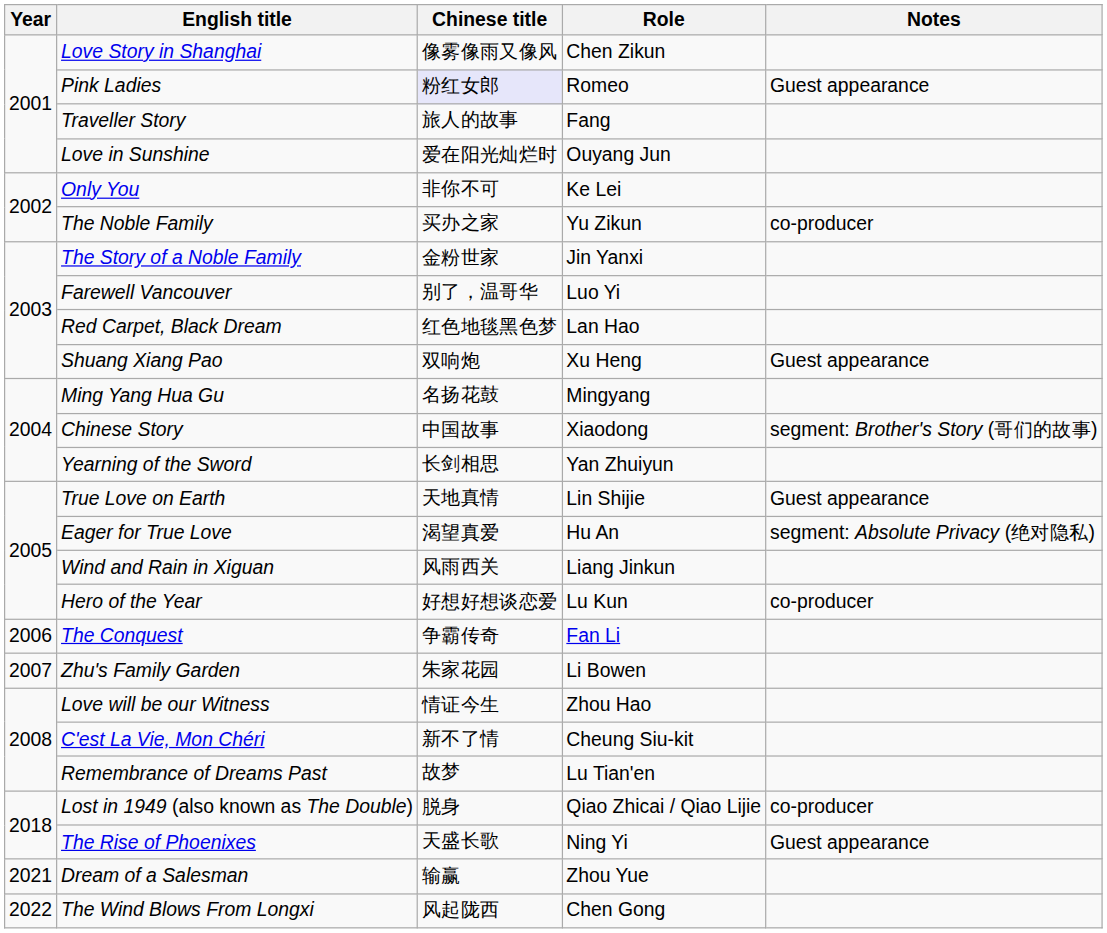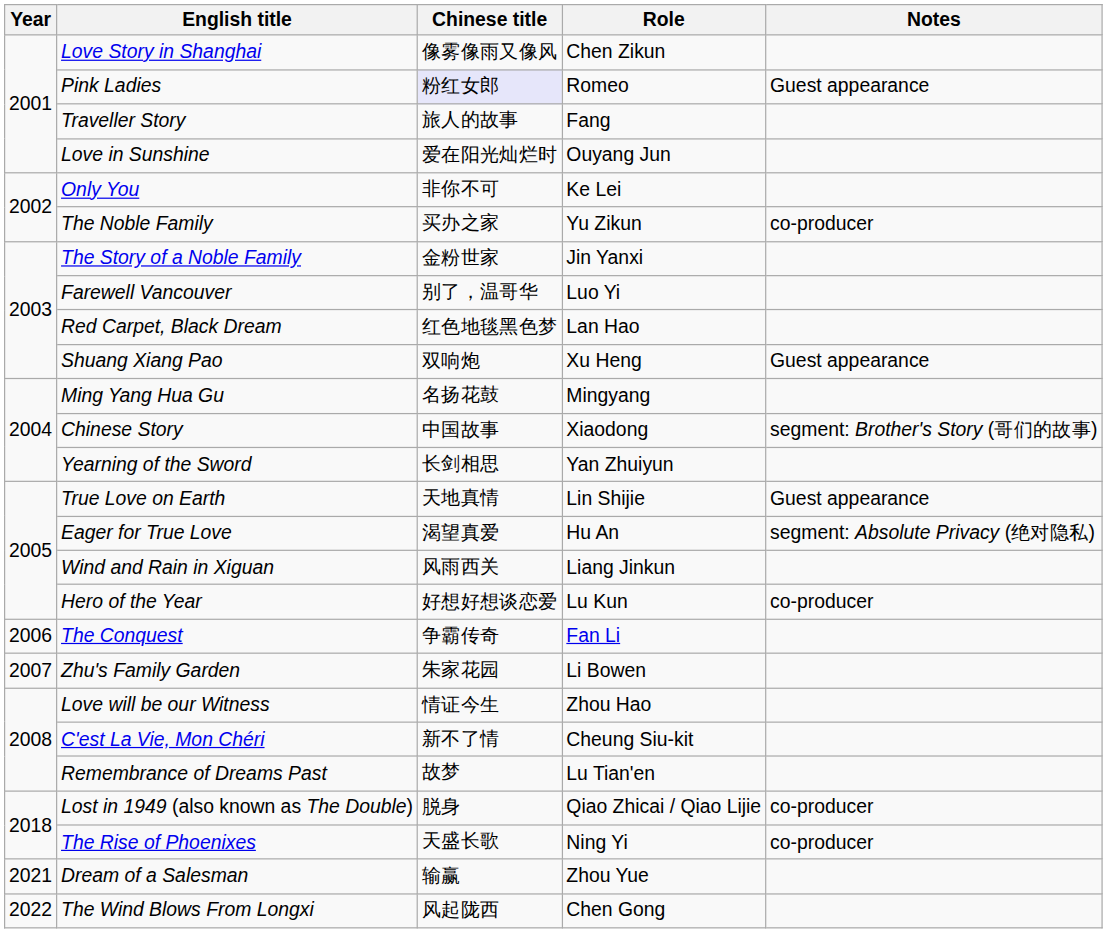 <table class="wikitable sortable">
 <tr>
 <th>Year</th>
 <th>English title</th>
 <th>Chinese title</th>
 <th>Role</th>
 <th>Notes</th>
 </tr>
 <tr>
 <td rowspan=4>2001</td>
 <td><em><a href='#'>Love Story in Shanghai</a></em></td>
 <td>像雾像雨又像风</td>
 <td>Chen Zikun</td>
 <td></td>
 </tr>
 <tr>
 <td><em>Pink Ladies</em></td>
 <td style="background: lavender;">粉红女郎</td>
 <td>Romeo</td>
 <td>Guest appearance</td>
 </tr>
 <tr>
 <td><em>Traveller Story</em></td>
 <td>旅人的故事</td>
 <td>Fang</td>
 <td></td>
 </tr>
 <tr>
 <td><em>Love in Sunshine</em></td>
 <td>爱在阳光灿烂时</td>
 <td>Ouyang Jun</td>
 <td></td>
 </tr>
 <tr>
 <td rowspan=2>2002</td>
 <td><em><a href='#'>Only You</a></em></td>
 <td>非你不可</td>
 <td>Ke Lei</td>
 <td></td>
 </tr>
 <tr>
 <td><em>The Noble Family</em></td>
 <td>买办之家</td>
 <td>Yu Zikun</td>
 <td>co-producer</td>
 </tr>
 <tr>
 <td rowspan=4>2003</td>
 <td><em><a href='#'>The Story of a Noble Family</a></em></td>
 <td>金粉世家</td>
 <td>Jin Yanxi</td>
 <td></td>
 </tr>
 <tr>
 <td><em>Farewell Vancouver</em></td>
 <td>别了，温哥华</td>
 <td>Luo Yi</td>
 <td></td>
 </tr>
 <tr>
 <td><em>Red Carpet, Black Dream</em></td>
 <td>红色地毯黑色梦</td>
 <td>Lan Hao</td>
 <td></td>
 </tr>
 <tr>
 <td><em>Shuang Xiang Pao</em></td>
 <td>双响炮</td>
 <td>Xu Heng</td>
 <td>Guest appearance</td>
 </tr>
 <tr>
 <td rowspan=3>2004</td>
 <td><em>Ming Yang Hua Gu</em></td>
 <td>名扬花鼓</td>
 <td>Mingyang</td>
 <td></td>
 </tr>
 <tr>
 <td><em>Chinese Story</em></td>
 <td>中国故事</td>
 <td>Xiaodong</td>
 <td>segment: <em>Brother's Story</em> (哥们的故事)</td>
 </tr>
 <tr>
 <td><em>Yearning of the Sword</em></td>
 <td>长剑相思</td>
 <td>Yan Zhuiyun</td>
 <td></td>
 </tr>
 <tr>
 <td rowspan=4>2005</td>
 <td><em>True Love on Earth</em></td>
 <td>天地真情</td>
 <td>Lin Shijie</td>
 <td>Guest appearance</td>
 </tr>
 <tr>
 <td><em>Eager for True Love</em></td>
 <td>渴望真爱</td>
 <td>Hu An</td>
 <td>segment: <em>Absolute Privacy</em> (绝对隐私)</td>
 </tr>
 <tr>
 <td><em>Wind and Rain in Xiguan</em></td>
 <td>风雨西关</td>
 <td>Liang Jinkun</td>
 <td></td>
 </tr>
 <tr>
 <td><em>Hero of the Year</em></td>
 <td>好想好想谈恋爱</td>
 <td>Lu Kun</td>
 <td>co-producer</td>
 </tr>
 <tr>
 <td>2006</td>
 <td><em><a href='#'>The Conquest</a></em></td>
 <td>争霸传奇</td>
 <td><a href='#'>Fan Li</a></td>
 <td></td>
 </tr>
 <tr>
 <td>2007</td>
 <td><em>Zhu's Family Garden</em></td>
 <td>朱家花园</td>
 <td>Li Bowen</td>
 <td></td>
 </tr>
 <tr>
 <td rowspan=3>2008</td>
 <td><em>Love will be our Witness</em></td>
 <td>情证今生</td>
 <td>Zhou Hao</td>
 <td></td>
 </tr>
 <tr>
 <td><em><a href='#'>C'est La Vie, Mon Chéri</a></em></td>
 <td>新不了情</td>
 <td>Cheung Siu-kit</td>
 <td></td>
 </tr>
 <tr>
 <td><em>Remembrance of Dreams Past</em></td>
 <td>故梦</td>
 <td>Lu Tian'en</td>
 <td></td>
 </tr>
 <tr>
 <td rowspan=2>2018</td>
 <td><em>Lost in 1949</em> (also known as <em>The Double</em>)</td>
 <td>脱身</td>
 <td>Qiao Zhicai / Qiao Lijie</td>
 <td>co-producer</td>
 </tr>
 <tr>
 <td><em><a href='#'>The Rise of Phoenixes</a></em></td>
 <td>天盛长歌</td>
 <td>Ning Yi</td>
-<td>Guest appearance</td>
+<td>co-producer</td>
 </tr>
 <tr>
 <td>2021</td>
 <td><em>Dream of a Salesman</em></td>
 <td>输赢</td>
 <td>Zhou Yue</td>
 <td></td>
 </tr>
 <tr>
 <td>2022</td>
 <td><em>The Wind Blows From Longxi</em></td>
 <td>风起陇西</td>
 <td>Chen Gong</td>
 <td></td>
 </tr>
 </table>
